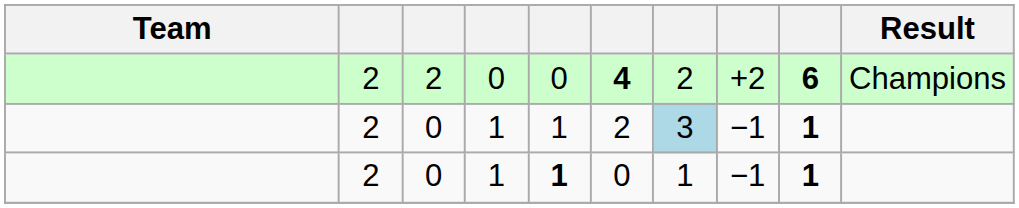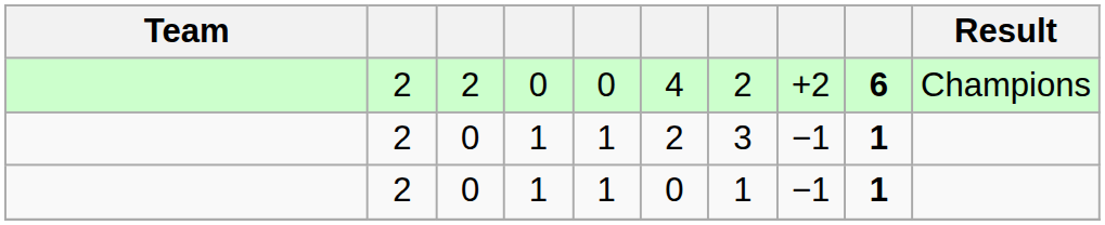 <table class="wikitable" style="text-align:center;">
 <tr>
 <th width=165>Team</th>
 <th width=25></th>
 <th width=25></th>
 <th width=25></th>
 <th width=25></th>
 <th width=25></th>
 <th width=25></th>
 <th width=25></th>
 <th width=25></th>
 <th>Result</th>
 </tr>
 <tr bgcolor="#ccffcc">
 <td style="text-align:left;"></td>
 <td>2</td>
 <td>2</td>
 <td>0</td>
 <td>0</td>
-<td><strong>4</strong></td>
+<td>4</td>
 <td>2</td>
 <td>+2</td>
 <td><strong>6</strong></td>
 <td>Champions</td>
 </tr>
 <tr>
 <td style="text-align:left;"></td>
 <td>2</td>
 <td>0</td>
 <td>1</td>
 <td>1</td>
 <td>2</td>
-<td style="background: lightblue;">3</td>
+<td>3</td>
 <td>−1</td>
 <td><strong>1</strong></td>
 <td></td>
 </tr>
 <tr>
 <td style="text-align:left;"></td>
 <td>2</td>
 <td>0</td>
 <td>1</td>
-<td><strong>1</strong></td>
+<td>1</td>
 <td>0</td>
 <td>1</td>
 <td>−1</td>
 <td><strong>1</strong></td>
 <td></td>
 </tr>
 <tr>
 </tr>
 </table>
